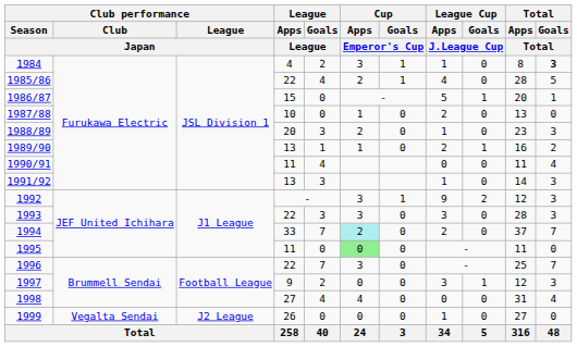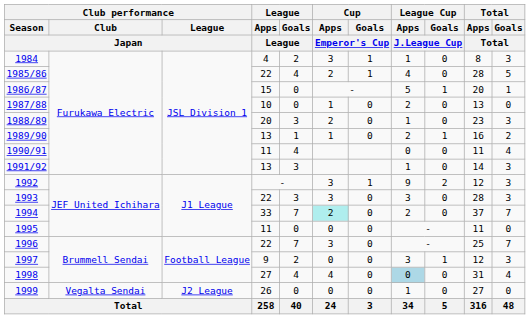 <table class="wikitable" style="text-align:center;">
 <tr>
 <th colspan=3>Club performance</th>
 <th colspan=2>League</th>
 <th colspan=2>Cup</th>
 <th colspan=2>League Cup</th>
 <th colspan=2>Total</th>
 </tr>
 <tr>
 <th>Season</th>
 <th>Club</th>
 <th>League</th>
 <th>Apps</th>
 <th>Goals</th>
 <th>Apps</th>
 <th>Goals</th>
 <th>Apps</th>
 <th>Goals</th>
 <th>Apps</th>
 <th>Goals</th>
 </tr>
 <tr>
 <th colspan=3>Japan</th>
 <th colspan=2>League</th>
 <th colspan=2><a href='#'>Emperor's Cup</a></th>
 <th colspan=2><a href='#'>J.League Cup</a></th>
 <th colspan=2>Total</th>
 </tr>
 <tr>
 <td><a href='#'>1984</a></td>
 <td rowspan="8"><a href='#'>Furukawa Electric</a></td>
 <td rowspan="8"><a href='#'>JSL Division 1</a></td>
 <td>4</td>
 <td>2</td>
 <td>3</td>
 <td>1</td>
 <td>1</td>
 <td>0</td>
 <td>8</td>
-<td><strong>3</strong></td>
+<td>3</td>
 </tr>
 <tr>
 <td><a href='#'>1985/86</a></td>
 <td>22</td>
 <td>4</td>
 <td>2</td>
 <td>1</td>
 <td>4</td>
 <td>0</td>
 <td>28</td>
 <td>5</td>
 </tr>
 <tr>
 <td><a href='#'>1986/87</a></td>
 <td>15</td>
 <td>0</td>
 <td colspan="2">-</td>
 <td>5</td>
 <td>1</td>
 <td>20</td>
 <td>1</td>
 </tr>
 <tr>
 <td><a href='#'>1987/88</a></td>
 <td>10</td>
 <td>0</td>
 <td>1</td>
 <td>0</td>
 <td>2</td>
 <td>0</td>
 <td>13</td>
 <td>0</td>
 </tr>
 <tr>
 <td><a href='#'>1988/89</a></td>
 <td>20</td>
 <td>3</td>
 <td>2</td>
 <td>0</td>
 <td>1</td>
 <td>0</td>
 <td>23</td>
 <td>3</td>
 </tr>
 <tr>
 <td><a href='#'>1989/90</a></td>
 <td>13</td>
 <td>1</td>
 <td>1</td>
 <td>0</td>
 <td>2</td>
 <td>1</td>
 <td>16</td>
 <td>2</td>
 </tr>
 <tr>
 <td><a href='#'>1990/91</a></td>
 <td>11</td>
 <td>4</td>
 <td></td>
 <td></td>
 <td>0</td>
 <td>0</td>
 <td>11</td>
 <td>4</td>
 </tr>
 <tr>
 <td><a href='#'>1991/92</a></td>
 <td>13</td>
 <td>3</td>
 <td></td>
 <td></td>
 <td>1</td>
 <td>0</td>
 <td>14</td>
 <td>3</td>
 </tr>
 <tr>
 <td><a href='#'>1992</a></td>
 <td rowspan="4"><a href='#'>JEF United Ichihara</a></td>
 <td rowspan="4"><a href='#'>J1 League</a></td>
 <td colspan="2">-</td>
 <td>3</td>
 <td>1</td>
 <td>9</td>
 <td>2</td>
 <td>12</td>
 <td>3</td>
 </tr>
 <tr>
 <td><a href='#'>1993</a></td>
 <td>22</td>
 <td>3</td>
 <td>3</td>
 <td>0</td>
 <td>3</td>
 <td>0</td>
 <td>28</td>
 <td>3</td>
 </tr>
 <tr>
 <td><a href='#'>1994</a></td>
 <td>33</td>
 <td>7</td>
 <td style="background: paleturquoise;">2</td>
 <td>0</td>
 <td>2</td>
 <td>0</td>
 <td>37</td>
 <td>7</td>
 </tr>
 <tr>
 <td><a href='#'>1995</a></td>
 <td>11</td>
 <td>0</td>
-<td style="background: lightgreen;">0</td>
+<td>0</td>
 <td>0</td>
 <td colspan="2">-</td>
 <td>11</td>
 <td>0</td>
 </tr>
 <tr>
 <td><a href='#'>1996</a></td>
 <td rowspan="3"><a href='#'>Brummell Sendai</a></td>
 <td rowspan="3"><a href='#'>Football League</a></td>
 <td>22</td>
 <td>7</td>
 <td>3</td>
 <td>0</td>
 <td colspan="2">-</td>
 <td>25</td>
 <td>7</td>
 </tr>
 <tr>
 <td><a href='#'>1997</a></td>
 <td>9</td>
 <td>2</td>
 <td>0</td>
 <td>0</td>
 <td>3</td>
 <td>1</td>
 <td>12</td>
 <td>3</td>
 </tr>
 <tr>
 <td><a href='#'>1998</a></td>
 <td>27</td>
 <td>4</td>
 <td>4</td>
 <td>0</td>
-<td>0</td>
+<td style="background: lightblue;">0</td>
 <td>0</td>
 <td>31</td>
 <td>4</td>
 </tr>
 <tr>
 <td><a href='#'>1999</a></td>
 <td><a href='#'>Vegalta Sendai</a></td>
 <td><a href='#'>J2 League</a></td>
 <td>26</td>
 <td>0</td>
 <td>0</td>
 <td>0</td>
 <td>1</td>
 <td>0</td>
 <td>27</td>
 <td>0</td>
 </tr>
 <tr>
 <th colspan=3>Total</th>
 <th>258</th>
 <th>40</th>
 <th>24</th>
 <th>3</th>
 <th>34</th>
 <th>5</th>
 <th>316</th>
 <th>48</th>
 </tr>
 </table>
